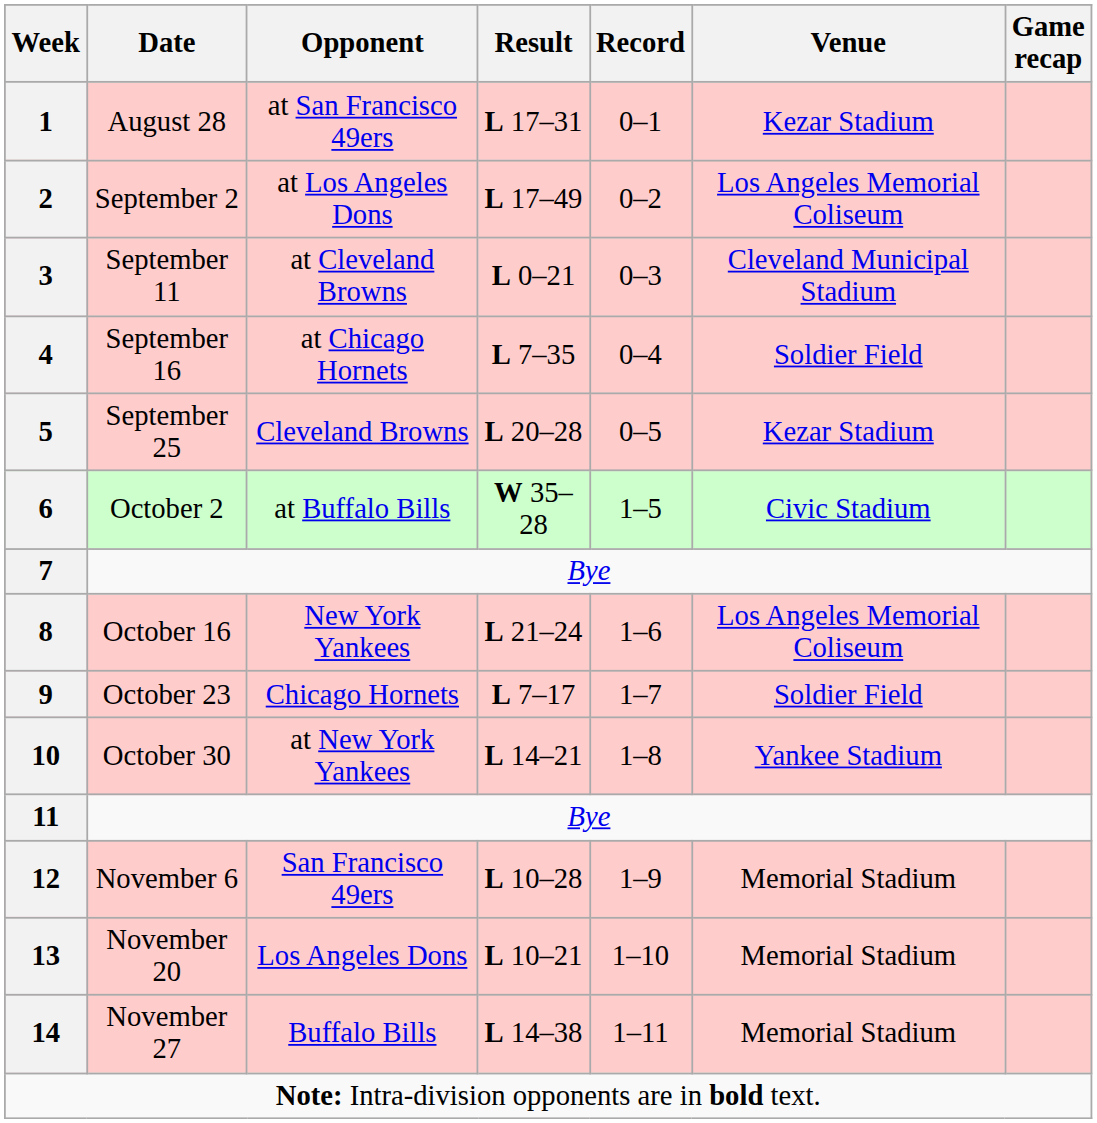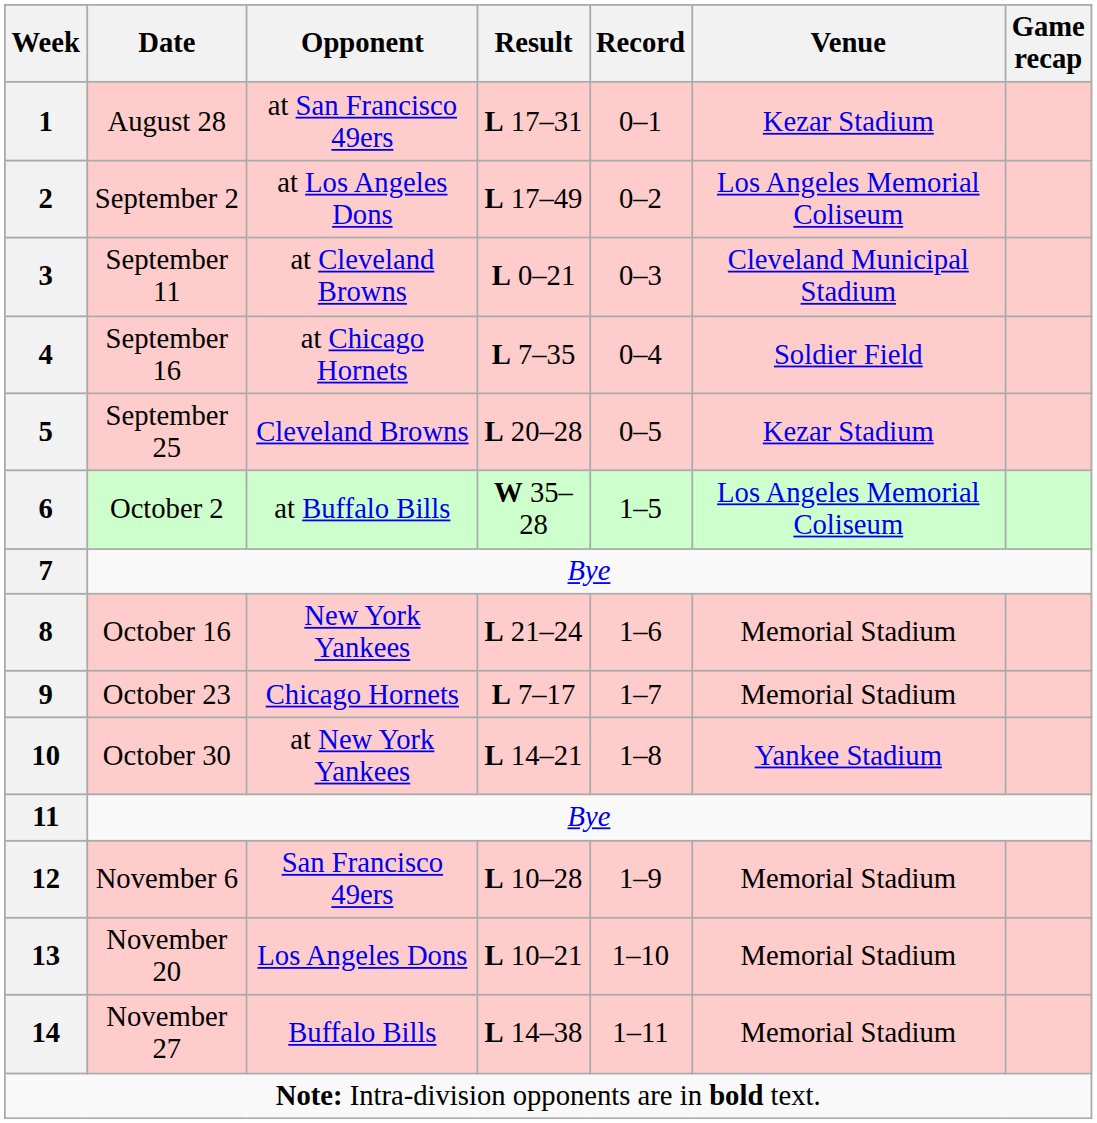 <table class="wikitable" style="text-align:center">
 <tr>
 <th>Week</th>
 <th>Date</th>
 <th>Opponent</th>
 <th>Result</th>
 <th>Record</th>
 <th>Venue</th>
 <th>Game<br>recap</th>
 </tr>
 <tr style="background: #fcc;">
 <th>1</th>
 <td>August 28</td>
 <td>at <a href='#'>San Francisco 49ers</a></td>
 <td><strong>L</strong> 17–31</td>
 <td>0–1</td>
 <td><a href='#'>Kezar Stadium</a></td>
 <td></td>
 </tr>
 <tr style="background: #fcc;">
 <th>2</th>
 <td>September 2</td>
 <td>at <a href='#'>Los Angeles Dons</a></td>
 <td><strong>L</strong> 17–49</td>
 <td>0–2</td>
 <td><a href='#'>Los Angeles Memorial Coliseum</a></td>
 <td></td>
 </tr>
 <tr style="background: #fcc;">
 <th>3</th>
 <td>September 11</td>
 <td>at <a href='#'>Cleveland Browns</a></td>
 <td><strong>L</strong> 0–21</td>
 <td>0–3</td>
 <td><a href='#'>Cleveland Municipal Stadium</a></td>
 <td></td>
 </tr>
 <tr style="background: #fcc;">
 <th>4</th>
 <td>September 16</td>
 <td>at <a href='#'>Chicago Hornets</a></td>
 <td><strong>L</strong> 7–35</td>
 <td>0–4</td>
 <td><a href='#'>Soldier Field</a></td>
 <td></td>
 </tr>
 <tr style="background: #fcc;">
 <th>5</th>
 <td>September 25</td>
 <td><a href='#'>Cleveland Browns</a></td>
 <td><strong>L</strong> 20–28</td>
 <td>0–5</td>
 <td><a href='#'>Kezar Stadium</a></td>
 <td></td>
 </tr>
 <tr style="background: #cfc;">
 <th>6</th>
 <td>October 2</td>
 <td>at <a href='#'>Buffalo Bills</a></td>
 <td><strong>W</strong> 35–28</td>
 <td>1–5</td>
-<td><a href='#'>Civic Stadium</a></td>
+<td><a href='#'>Los Angeles Memorial Coliseum</a></td>
 <td></td>
 </tr>
 <tr>
 <th>7</th>
 <td colspan="6"><em><a href='#'>Bye</a></em></td>
 </tr>
 <tr style="background: #fcc;">
 <th>8</th>
 <td>October 16</td>
 <td><a href='#'>New York Yankees</a></td>
 <td><strong>L</strong> 21–24</td>
 <td>1–6</td>
-<td><a href='#'>Los Angeles Memorial Coliseum</a></td>
+<td>Memorial Stadium</td>
 <td></td>
 </tr>
 <tr style="background: #fcc;">
 <th>9</th>
 <td>October 23</td>
 <td><a href='#'>Chicago Hornets</a></td>
 <td><strong>L</strong> 7–17</td>
 <td>1–7</td>
-<td><a href='#'>Soldier Field</a></td>
+<td>Memorial Stadium</td>
 <td></td>
 </tr>
 <tr style="background: #fcc;">
 <th>10</th>
 <td>October 30</td>
 <td>at <a href='#'>New York Yankees</a></td>
 <td><strong>L</strong> 14–21</td>
 <td>1–8</td>
 <td><a href='#'>Yankee Stadium</a></td>
 <td></td>
 </tr>
 <tr>
 <th>11</th>
 <td colspan="6"><em><a href='#'>Bye</a></em></td>
 </tr>
 <tr style="background: #fcc;">
 <th>12</th>
 <td>November 6</td>
 <td><a href='#'>San Francisco 49ers</a></td>
 <td><strong>L</strong> 10–28</td>
 <td>1–9</td>
 <td>Memorial Stadium</td>
 <td></td>
 </tr>
 <tr style="background: #fcc;">
 <th>13</th>
 <td>November 20</td>
 <td><a href='#'>Los Angeles Dons</a></td>
 <td><strong>L</strong> 10–21</td>
 <td>1–10</td>
 <td>Memorial Stadium</td>
 <td></td>
 </tr>
 <tr style="background: #fcc;">
 <th>14</th>
 <td>November 27</td>
 <td><a href='#'>Buffalo Bills</a></td>
 <td><strong>L</strong> 14–38</td>
 <td>1–11</td>
 <td>Memorial Stadium</td>
 <td></td>
 </tr>
 <tr>
 <td colspan="8"><strong>Note:</strong> Intra-division opponents are in <strong>bold</strong> text.</td>
 </tr>
 </table>
